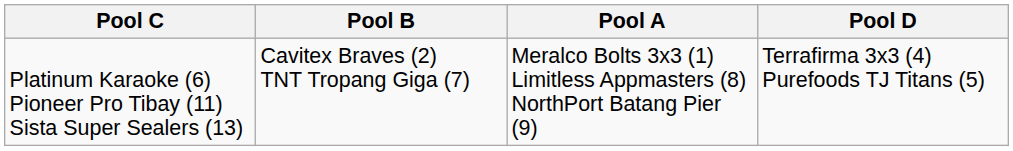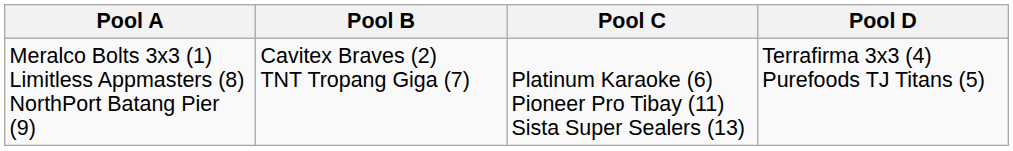 <table class=wikitable width=750>
 <tr>
+<th width=25%>Pool A</th>
+<th width=25%>Pool B</th>
 <th width=25%>Pool C</th>
-<th width=25%>Pool B</th>
-<th width=25%>Pool A</th>
 <th width=25%>Pool D</th>
 </tr>
 <tr valign=top>
+<td>Meralco Bolts 3x3 (1) <br> Limitless Appmasters (8) <br> NorthPort Batang Pier (9) <br> </td>
+<td>Cavitex Braves (2) <br> TNT Tropang Giga (7) <br> </td>
 <td> <br> Platinum Karaoke (6) <br> Pioneer Pro Tibay (11) <br> Sista Super Sealers (13)</td>
-<td>Cavitex Braves (2) <br> TNT Tropang Giga (7) <br> </td>
-<td>Meralco Bolts 3x3 (1) <br> Limitless Appmasters (8) <br> NorthPort Batang Pier (9) <br> </td>
 <td>Terrafirma 3x3 (4) <br> Purefoods TJ Titans (5) <br> </td>
 </tr>
 </table>
